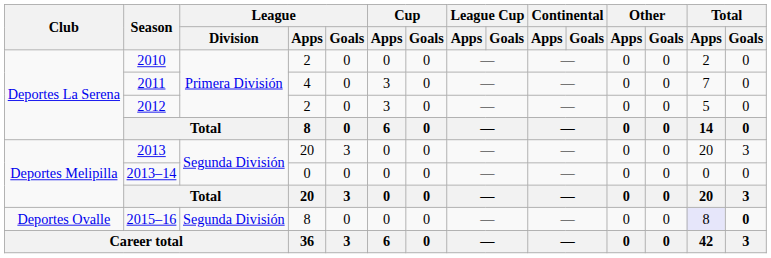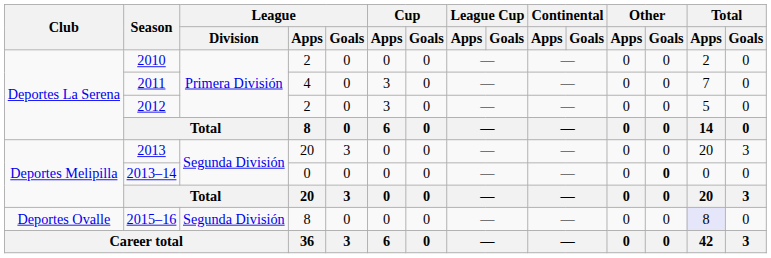 <table class="wikitable" style="text-align:center">
 <tr>
 <th rowspan="2">Club</th>
 <th rowspan="2">Season</th>
 <th colspan="3">League</th>
 <th colspan="2">Cup</th>
 <th colspan="2">League Cup</th>
 <th colspan="2">Continental</th>
 <th colspan="2">Other</th>
 <th colspan="2">Total</th>
 </tr>
 <tr>
 <th>Division</th>
 <th>Apps</th>
 <th>Goals</th>
 <th>Apps</th>
 <th>Goals</th>
 <th>Apps</th>
 <th>Goals</th>
 <th>Apps</th>
 <th>Goals</th>
 <th>Apps</th>
 <th>Goals</th>
 <th>Apps</th>
 <th>Goals</th>
 </tr>
 <tr>
 <td rowspan="4"><a href='#'>Deportes La Serena</a></td>
 <td><a href='#'>2010</a></td>
 <td rowspan="3"><a href='#'>Primera División</a></td>
 <td>2</td>
 <td>0</td>
 <td>0</td>
 <td>0</td>
 <td colspan="2">—</td>
 <td colspan="2">—</td>
 <td>0</td>
 <td>0</td>
 <td>2</td>
 <td>0</td>
 </tr>
 <tr>
 <td><a href='#'>2011</a></td>
 <td>4</td>
 <td>0</td>
 <td>3</td>
 <td>0</td>
 <td colspan="2">—</td>
 <td colspan="2">—</td>
 <td>0</td>
 <td>0</td>
 <td>7</td>
 <td>0</td>
 </tr>
 <tr>
 <td><a href='#'>2012</a></td>
 <td>2</td>
 <td>0</td>
 <td>3</td>
 <td>0</td>
 <td colspan="2">—</td>
 <td colspan="2">—</td>
 <td>0</td>
 <td>0</td>
 <td>5</td>
 <td>0</td>
 </tr>
 <tr>
 <th colspan="2">Total</th>
 <th>8</th>
 <th>0</th>
 <th>6</th>
 <th>0</th>
 <th colspan="2">—</th>
 <th colspan="2">—</th>
 <th>0</th>
 <th>0</th>
 <th>14</th>
 <th>0</th>
 </tr>
 <tr>
 <td rowspan="3"><a href='#'>Deportes Melipilla</a></td>
 <td><a href='#'>2013</a></td>
 <td rowspan="2"><a href='#'>Segunda División</a></td>
 <td>20</td>
 <td>3</td>
 <td>0</td>
 <td>0</td>
 <td colspan="2">—</td>
 <td colspan="2">—</td>
 <td>0</td>
 <td>0</td>
 <td>20</td>
 <td>3</td>
 </tr>
 <tr>
 <td><a href='#'>2013–14</a></td>
 <td>0</td>
 <td>0</td>
 <td>0</td>
 <td>0</td>
 <td colspan="2">—</td>
 <td colspan="2">—</td>
 <td>0</td>
-<td>0</td>
+<td><strong>0</strong></td>
 <td>0</td>
 <td>0</td>
 </tr>
 <tr>
 <th colspan="2">Total</th>
 <th>20</th>
 <th>3</th>
 <th>0</th>
 <th>0</th>
 <th colspan="2">—</th>
 <th colspan="2">—</th>
 <th>0</th>
 <th>0</th>
 <th>20</th>
 <th>3</th>
 </tr>
 <tr>
 <td rowspan="1"><a href='#'>Deportes Ovalle</a></td>
 <td><a href='#'>2015–16</a></td>
 <td rowspan="1"><a href='#'>Segunda División</a></td>
 <td>8</td>
 <td>0</td>
 <td>0</td>
 <td>0</td>
 <td colspan="2">—</td>
 <td colspan="2">—</td>
 <td>0</td>
 <td>0</td>
 <td style="background: lavender;">8</td>
-<td><strong>0</strong></td>
+<td>0</td>
 </tr>
 <tr>
 <th colspan="3">Career total</th>
 <th>36</th>
 <th>3</th>
 <th>6</th>
 <th>0</th>
 <th colspan="2">—</th>
 <th colspan="2">—</th>
 <th>0</th>
 <th>0</th>
 <th>42</th>
 <th>3</th>
 </tr>
 </table>
